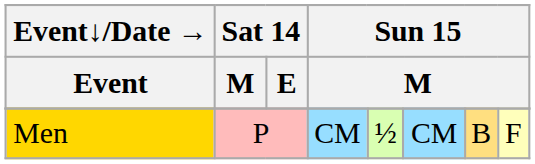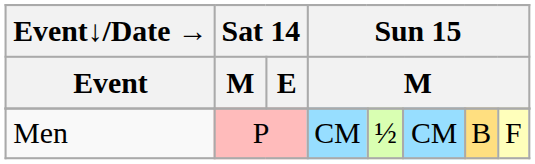 <table class="wikitable" style="margin:0.5em auto; font-size:90%; line-height:1.25em;">
 <tr style="text-align:center;">
 <th>Event↓/Date →</th>
 <th colspan=2>Sat 14</th>
 <th colspan=7>Sun 15</th>
 </tr>
 <tr>
 <th>Event</th>
 <th>M</th>
 <th>E</th>
 <th colspan="5">M</th>
 </tr>
 <tr>
 </tr>
 <tr style="text-align:center;">
-<td style="background: gold; text-align:left;">Men</td>
+<td style="text-align:left;">Men</td>
 <td style="background-color:#FFBBBB;" colspan=2>P</td>
 <td style="background-color:#97DEFF;">CM</td>
 <td style="background-color:#D9FFB2;">½</td>
 <td style="background-color:#97DEFF;">CM</td>
 <td style="background-color:#FFDF80;">B</td>
 <td style="background-color:#FFFFBB;">F</td>
 </tr>
 </table>
